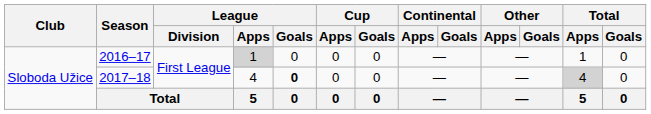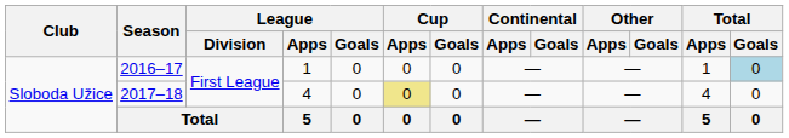 <table class="wikitable" style="text-align: center;font-size:90%">
 <tr>
 <th rowspan="2">Club</th>
 <th rowspan="2">Season</th>
 <th colspan="3">League</th>
 <th colspan="2">Cup</th>
 <th colspan="2">Continental</th>
 <th colspan="2">Other</th>
 <th colspan="2">Total</th>
 </tr>
 <tr>
 <th>Division</th>
 <th>Apps</th>
 <th>Goals</th>
 <th>Apps</th>
 <th>Goals</th>
 <th>Apps</th>
 <th>Goals</th>
 <th>Apps</th>
 <th>Goals</th>
 <th>Apps</th>
 <th>Goals</th>
 </tr>
 <tr>
 <td rowspan="3" valign="center"><a href='#'>Sloboda Užice</a></td>
 <td><a href='#'>2016–17</a></td>
 <td rowspan=2><a href='#'>First League</a></td>
-<td style="background: lightgrey;">1</td>
+<td>1</td>
 <td>0</td>
 <td>0</td>
 <td>0</td>
 <td colspan="2">—</td>
 <td colspan="2">—</td>
 <td>1</td>
-<td>0</td>
+<td style="background: lightblue;">0</td>
 </tr>
 <tr>
 <td><a href='#'>2017–18</a></td>
 <td>4</td>
-<td><strong>0</strong></td>
 <td>0</td>
+<td style="background: khaki;">0</td>
 <td>0</td>
 <td colspan="2">—</td>
 <td colspan="2">—</td>
-<td style="background: lightgrey;">4</td>
+<td>4</td>
 <td>0</td>
 </tr>
 <tr>
 <th colspan="2">Total</th>
 <th>5</th>
 <th>0</th>
 <th>0</th>
 <th>0</th>
 <th colspan="2">—</th>
 <th colspan="2">—</th>
 <th>5</th>
 <th>0</th>
 </tr>
 </table>
